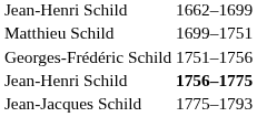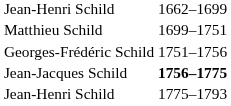 <table>
 <tr>
 <td>Jean-Henri Schild</td>
 <td>1662–1699</td>
 </tr>
 <tr>
 <td>Matthieu Schild</td>
 <td>1699–1751</td>
 </tr>
 <tr>
 <td>Georges-Frédéric Schild</td>
 <td>1751–1756</td>
 </tr>
 <tr>
-<td>Jean-Henri Schild</td>
+<td>Jean-Jacques Schild</td>
 <td><strong>1756–1775</strong></td>
 </tr>
 <tr>
-<td>Jean-Jacques Schild</td>
+<td>Jean-Henri Schild</td>
 <td>1775–1793</td>
 </tr>
 </table>
